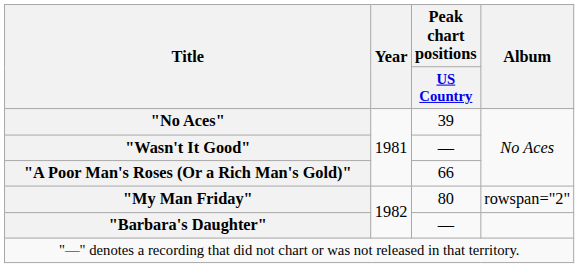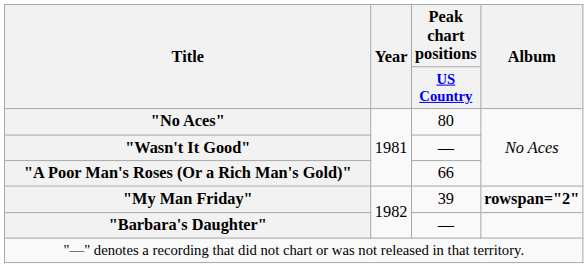 <table class="wikitable plainrowheaders" style="text-align:center;" border="1">
 <tr>
 <th scope="col" rowspan="2" style="width:22em;">Title</th>
 <th scope="col" rowspan="2">Year</th>
 <th scope="col" colspan="1">Peak<br>chart<br>positions</th>
 <th scope="col" rowspan="2">Album</th>
 </tr>
 <tr>
 <th scope="col" style="width:2em;font-size:90%;"><a href='#'>US<br>Country</a><br></th>
 </tr>
 <tr>
 <th scope="row">"No Aces"</th>
 <td rowspan="3">1981</td>
-<td>39</td>
+<td>80</td>
 <td rowspan="3"><em>No Aces</em></td>
 </tr>
 <tr>
 <th scope="row">"Wasn't It Good"</th>
 <td>—</td>
 </tr>
 <tr>
 <th scope="row">"A Poor Man's Roses (Or a Rich Man's Gold)"</th>
 <td>66</td>
 </tr>
 <tr>
 <th scope="row">"My Man Friday"</th>
 <td rowspan="2">1982</td>
-<td>80</td>
-<td>rowspan="2" </td>
+<td>39</td>
+<td><strong>rowspan="2" </strong></td>
 </tr>
 <tr>
 <th scope="row">"Barbara's Daughter"</th>
 <td>—</td>
 </tr>
 <tr>
 <td colspan="4" style="font-size:90%">"—" denotes a recording that did not chart or was not released in that territory.</td>
 </tr>
 </table>
